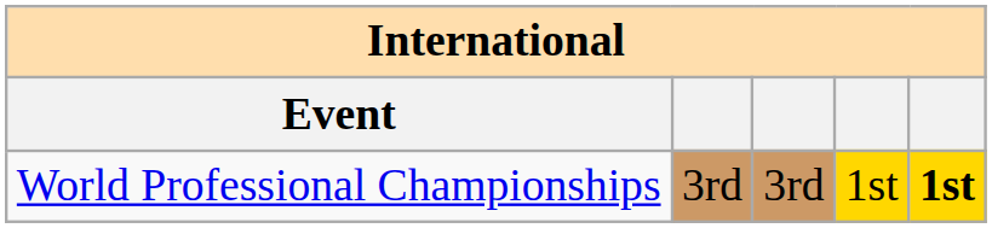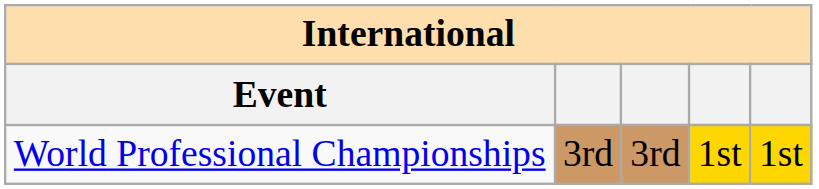 <table class="wikitable" style="text-align:center">
 <tr>
 <th style="background-color: #ffdead; " colspan=5 align=center>International</th>
 </tr>
 <tr>
 <th>Event</th>
 <th></th>
 <th></th>
 <th></th>
 <th></th>
 </tr>
 <tr>
 <td align=left><a href='#'>World Professional Championships</a></td>
 <td bgcolor=cc9966>3rd</td>
 <td bgcolor=cc9966>3rd</td>
 <td bgcolor=gold>1st</td>
-<td bgcolor=gold><strong>1st</strong></td>
+<td bgcolor=gold>1st</td>
 </tr>
 </table>
